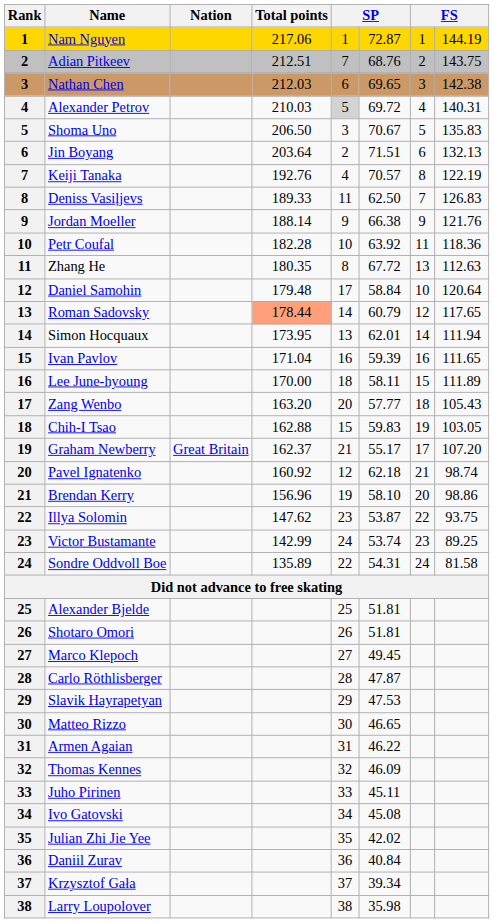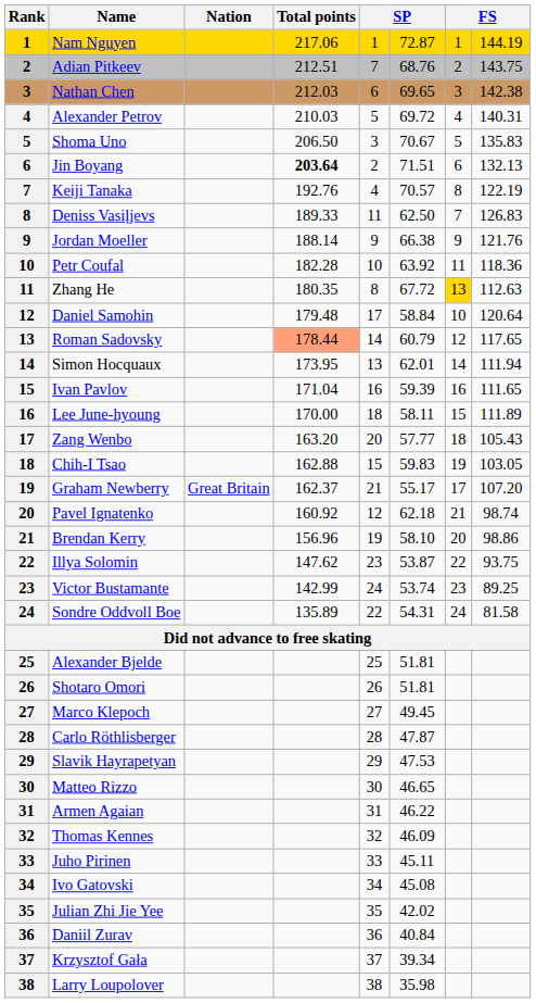 <table class="wikitable sortable">
 <tr>
 <th>Rank</th>
 <th>Name</th>
 <th>Nation</th>
 <th>Total points</th>
 <th colspan="2" width="80px"><a href='#'>SP</a></th>
 <th colspan="2" width="80px"><a href='#'>FS</a></th>
 </tr>
 <tr bgcolor=gold>
 <td align=center><strong>1</strong></td>
 <td><a href='#'>Nam Nguyen</a></td>
 <td></td>
 <td align=center>217.06</td>
 <td align=center>1</td>
 <td align=center>72.87</td>
 <td align=center>1</td>
 <td align=center>144.19</td>
 </tr>
 <tr bgcolor=silver>
 <td align=center><strong>2</strong></td>
 <td><a href='#'>Adian Pitkeev</a></td>
 <td></td>
 <td align=center>212.51</td>
 <td align=center>7</td>
 <td align=center>68.76</td>
 <td align=center>2</td>
 <td align=center>143.75</td>
 </tr>
 <tr bgcolor=cc9966>
 <td align=center><strong>3</strong></td>
 <td><a href='#'>Nathan Chen</a></td>
 <td></td>
 <td align=center>212.03</td>
 <td align=center>6</td>
 <td align=center>69.65</td>
 <td align=center>3</td>
 <td align=center>142.38</td>
 </tr>
 <tr>
 <th>4</th>
 <td><a href='#'>Alexander Petrov</a></td>
 <td></td>
 <td align=center>210.03</td>
-<td align=center style="background: lightgrey;">5</td>
+<td align=center>5</td>
 <td align=center>69.72</td>
 <td align=center>4</td>
 <td align=center>140.31</td>
 </tr>
 <tr>
 <th>5</th>
 <td><a href='#'>Shoma Uno</a></td>
 <td></td>
 <td align=center>206.50</td>
 <td align=center>3</td>
 <td align=center>70.67</td>
 <td align=center>5</td>
 <td align=center>135.83</td>
 </tr>
 <tr>
 <th>6</th>
 <td><a href='#'>Jin Boyang</a></td>
 <td></td>
-<td align=center>203.64</td>
+<td align=center><strong>203.64</strong></td>
 <td align=center>2</td>
 <td align=center>71.51</td>
 <td align=center>6</td>
 <td align=center>132.13</td>
 </tr>
 <tr>
 <th>7</th>
 <td><a href='#'>Keiji Tanaka</a></td>
 <td></td>
 <td align=center>192.76</td>
 <td align=center>4</td>
 <td align=center>70.57</td>
 <td align=center>8</td>
 <td align=center>122.19</td>
 </tr>
 <tr>
 <th>8</th>
 <td><a href='#'>Deniss Vasiļjevs</a></td>
 <td></td>
 <td align=center>189.33</td>
 <td align=center>11</td>
 <td align=center>62.50</td>
 <td align=center>7</td>
 <td align=center>126.83</td>
 </tr>
 <tr>
 <th>9</th>
 <td><a href='#'>Jordan Moeller</a></td>
 <td></td>
 <td align=center>188.14</td>
 <td align=center>9</td>
 <td align=center>66.38</td>
 <td align=center>9</td>
 <td align=center>121.76</td>
 </tr>
 <tr>
 <th>10</th>
 <td><a href='#'>Petr Coufal</a></td>
 <td></td>
 <td align=center>182.28</td>
 <td align=center>10</td>
 <td align=center>63.92</td>
 <td align=center>11</td>
 <td align=center>118.36</td>
 </tr>
 <tr>
 <th>11</th>
 <td>Zhang He</td>
 <td></td>
 <td align=center>180.35</td>
 <td align=center>8</td>
 <td align=center>67.72</td>
-<td align=center>13</td>
+<td align=center style="background: gold;">13</td>
 <td align=center>112.63</td>
 </tr>
 <tr>
 <th>12</th>
 <td><a href='#'>Daniel Samohin</a></td>
 <td></td>
 <td align=center>179.48</td>
 <td align=center>17</td>
 <td align=center>58.84</td>
 <td align=center>10</td>
 <td align=center>120.64</td>
 </tr>
 <tr>
 <th>13</th>
 <td><a href='#'>Roman Sadovsky</a></td>
 <td></td>
 <td align=center style="background: lightsalmon;">178.44</td>
 <td align=center>14</td>
 <td align=center>60.79</td>
 <td align=center>12</td>
 <td align=center>117.65</td>
 </tr>
 <tr>
 <th>14</th>
 <td>Simon Hocquaux</td>
 <td></td>
 <td align=center>173.95</td>
 <td align=center>13</td>
 <td align=center>62.01</td>
 <td align=center>14</td>
 <td align=center>111.94</td>
 </tr>
 <tr>
 <th>15</th>
 <td><a href='#'>Ivan Pavlov</a></td>
 <td></td>
 <td align=center>171.04</td>
 <td align=center>16</td>
 <td align=center>59.39</td>
 <td align=center>16</td>
 <td align=center>111.65</td>
 </tr>
 <tr>
 <th>16</th>
 <td><a href='#'>Lee June-hyoung</a></td>
 <td></td>
 <td align=center>170.00</td>
 <td align=center>18</td>
 <td align=center>58.11</td>
 <td align=center>15</td>
 <td align=center>111.89</td>
 </tr>
 <tr>
 <th>17</th>
 <td><a href='#'>Zang Wenbo</a></td>
 <td></td>
 <td align=center>163.20</td>
 <td align=center>20</td>
 <td align=center>57.77</td>
 <td align=center>18</td>
 <td align=center>105.43</td>
 </tr>
 <tr>
 <th>18</th>
 <td><a href='#'>Chih-I Tsao</a></td>
 <td></td>
 <td align=center>162.88</td>
 <td align=center>15</td>
 <td align=center>59.83</td>
 <td align=center>19</td>
 <td align=center>103.05</td>
 </tr>
 <tr>
 <th>19</th>
 <td><a href='#'>Graham Newberry</a></td>
 <td> <a href='#'>Great Britain</a></td>
 <td align=center>162.37</td>
 <td align=center>21</td>
 <td align=center>55.17</td>
 <td align=center>17</td>
 <td align=center>107.20</td>
 </tr>
 <tr>
 <th>20</th>
 <td><a href='#'>Pavel Ignatenko</a></td>
 <td></td>
 <td align=center>160.92</td>
 <td align=center>12</td>
 <td align=center>62.18</td>
 <td align=center>21</td>
 <td align=center>98.74</td>
 </tr>
 <tr>
 <th>21</th>
 <td><a href='#'>Brendan Kerry</a></td>
 <td></td>
 <td align=center>156.96</td>
 <td align=center>19</td>
 <td align=center>58.10</td>
 <td align=center>20</td>
 <td align=center>98.86</td>
 </tr>
 <tr>
 <th>22</th>
 <td><a href='#'>Illya Solomin</a></td>
 <td></td>
 <td align=center>147.62</td>
 <td align=center>23</td>
 <td align=center>53.87</td>
 <td align=center>22</td>
 <td align=center>93.75</td>
 </tr>
 <tr>
 <th>23</th>
 <td><a href='#'>Victor Bustamante</a></td>
 <td></td>
 <td align=center>142.99</td>
 <td align=center>24</td>
 <td align=center>53.74</td>
 <td align=center>23</td>
 <td align=center>89.25</td>
 </tr>
 <tr>
 <th>24</th>
 <td><a href='#'>Sondre Oddvoll Boe</a></td>
 <td></td>
 <td align=center>135.89</td>
 <td align=center>22</td>
 <td align=center>54.31</td>
 <td align=center>24</td>
 <td align=center>81.58</td>
 </tr>
 <tr>
 <th colspan=10>Did not advance to free skating</th>
 </tr>
 <tr>
 <th>25</th>
 <td><a href='#'>Alexander Bjelde</a></td>
 <td></td>
 <td align=center></td>
 <td align=center>25</td>
 <td align=center>51.81</td>
 <td align=center></td>
 <td align=center></td>
 </tr>
 <tr>
 <th>26</th>
 <td><a href='#'>Shotaro Omori</a></td>
 <td></td>
 <td align=center></td>
 <td align=center>26</td>
 <td align=center>51.81</td>
 <td align=center></td>
 <td align=center></td>
 </tr>
 <tr>
 <th>27</th>
 <td><a href='#'>Marco Klepoch</a></td>
 <td></td>
 <td align=center></td>
 <td align=center>27</td>
 <td align=center>49.45</td>
 <td align=center></td>
 <td align=center></td>
 </tr>
 <tr>
 <th>28</th>
 <td><a href='#'>Carlo Röthlisberger</a></td>
 <td></td>
 <td align=center></td>
 <td align=center>28</td>
 <td align=center>47.87</td>
 <td align=center></td>
 <td align=center></td>
 </tr>
 <tr>
 <th>29</th>
 <td><a href='#'>Slavik Hayrapetyan</a></td>
 <td></td>
 <td align=center></td>
 <td align=center>29</td>
 <td align=center>47.53</td>
 <td align=center></td>
 <td align=center></td>
 </tr>
 <tr>
 <th>30</th>
 <td><a href='#'>Matteo Rizzo</a></td>
 <td></td>
 <td align=center></td>
 <td align=center>30</td>
 <td align=center>46.65</td>
 <td align=center></td>
 <td align=center></td>
 </tr>
 <tr>
 <th>31</th>
 <td><a href='#'>Armen Agaian</a></td>
 <td></td>
 <td align=center></td>
 <td align=center>31</td>
 <td align=center>46.22</td>
 <td align=center></td>
 <td align=center></td>
 </tr>
 <tr>
 <th>32</th>
 <td><a href='#'>Thomas Kennes</a></td>
 <td></td>
 <td align=center></td>
 <td align=center>32</td>
 <td align=center>46.09</td>
 <td align=center></td>
 <td align=center></td>
 </tr>
 <tr>
 <th>33</th>
 <td><a href='#'>Juho Pirinen</a></td>
 <td></td>
 <td align=center></td>
 <td align=center>33</td>
 <td align=center>45.11</td>
 <td align=center></td>
 <td align=center></td>
 </tr>
 <tr>
 <th>34</th>
 <td><a href='#'>Ivo Gatovski</a></td>
 <td></td>
 <td align=center></td>
 <td align=center>34</td>
 <td align=center>45.08</td>
 <td align=center></td>
 <td align=center></td>
 </tr>
 <tr>
 <th>35</th>
 <td><a href='#'>Julian Zhi Jie Yee</a></td>
 <td></td>
 <td align=center></td>
 <td align=center>35</td>
 <td align=center>42.02</td>
 <td align=center></td>
 <td align=center></td>
 </tr>
 <tr>
 <th>36</th>
 <td><a href='#'>Daniil Zurav</a></td>
 <td></td>
 <td align=center></td>
 <td align=center>36</td>
 <td align=center>40.84</td>
 <td align=center></td>
 <td align=center></td>
 </tr>
 <tr>
 <th>37</th>
 <td><a href='#'>Krzysztof Gała</a></td>
 <td></td>
 <td align=center></td>
 <td align=center>37</td>
 <td align=center>39.34</td>
 <td align=center></td>
 <td align=center></td>
 </tr>
 <tr>
 <th>38</th>
 <td><a href='#'>Larry Loupolover</a></td>
 <td></td>
 <td align=center></td>
 <td align=center>38</td>
 <td align=center>35.98</td>
 <td align=center></td>
 <td align=center></td>
 </tr>
 </table>
